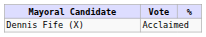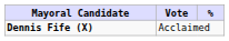 <table class="wikitable">
 <tr>
 <th style="background:#ddf; width:200px;">Mayoral Candidate </th>
 <th style="background:#ddf; width:50px;">Vote</th>
 <th style="background:#ddf; width:30px;">%</th>
 </tr>
 <tr>
-<td>Dennis Fife (X)</td>
+<td><strong>Dennis Fife (X)</strong></td>
 <td colspan="2">Acclaimed</td>
 </tr>
 </table>
